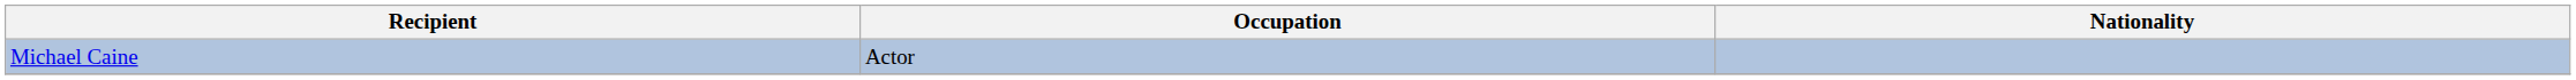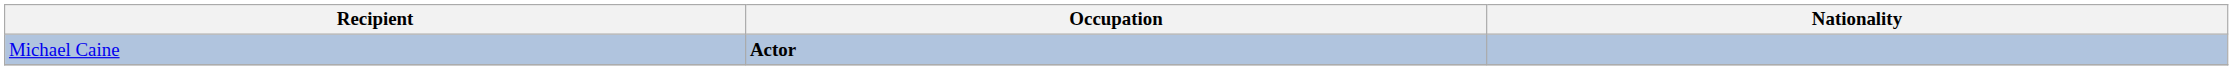 <table class="wikitable" width="95%" cellpadding="5">
 <tr>
 <th width="25%">Recipient</th>
 <th width="25%">Occupation</th>
 <th width="25%">Nationality</th>
 </tr>
 <tr style="background:#B0C4DE;">
 <td><a href='#'>Michael Caine</a></td>
-<td>Actor</td>
+<td><strong>Actor</strong></td>
 <td></td>
 </tr>
 <tr>
 </tr>
 </table>
